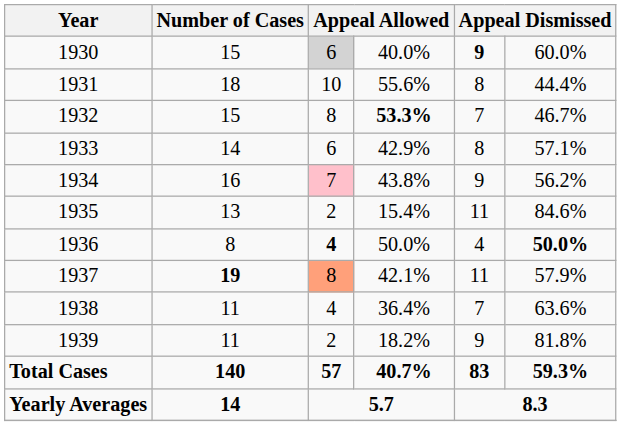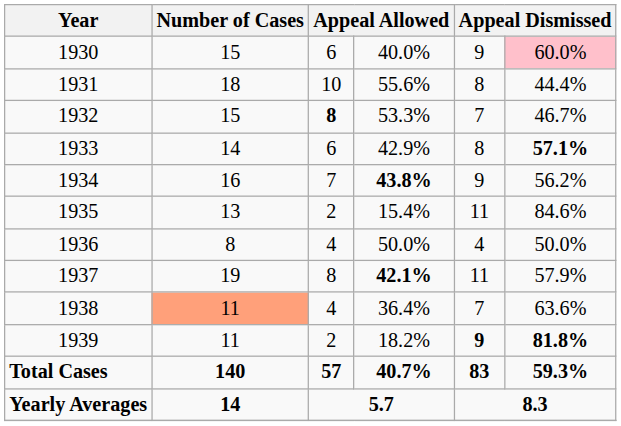 <table class="wikitable sortable">
 <tr>
 <th>Year</th>
 <th>Number of Cases</th>
 <th colspan=2>Appeal Allowed</th>
 <th colspan=2>Appeal Dismissed</th>
 </tr>
 <tr>
 <td style="text-align: center;">1930</td>
 <td style="text-align: center;">15</td>
-<td style="background: lightgrey; text-align: center;">6</td>
+<td style="text-align: center;">6</td>
 <td style="text-align: center;">40.0%</td>
-<td style="text-align: center;"><strong>9</strong></td>
-<td style="text-align: center;">60.0%</td>
+<td style="text-align: center;">9</td>
+<td style="background: pink; text-align: center;">60.0%</td>
 </tr>
 <tr>
 <td style="text-align: center;">1931</td>
 <td style="text-align: center;">18</td>
 <td style="text-align: center;">10</td>
 <td style="text-align: center;">55.6%</td>
 <td style="text-align: center;">8</td>
 <td style="text-align: center;">44.4%</td>
 </tr>
 <tr>
 <td style="text-align: center;">1932</td>
 <td style="text-align: center;">15</td>
-<td style="text-align: center;">8</td>
-<td style="text-align: center;"><strong>53.3%</strong></td>
+<td style="text-align: center;"><strong>8</strong></td>
+<td style="text-align: center;">53.3%</td>
 <td style="text-align: center;">7</td>
 <td style="text-align: center;">46.7%</td>
 </tr>
 <tr>
 <td style="text-align: center;">1933</td>
 <td style="text-align: center;">14</td>
 <td style="text-align: center;">6</td>
 <td style="text-align: center;">42.9%</td>
 <td style="text-align: center;">8</td>
-<td style="text-align: center;">57.1%</td>
+<td style="text-align: center;"><strong>57.1%</strong></td>
 </tr>
 <tr>
 <td style="text-align: center;">1934</td>
 <td style="text-align: center;">16</td>
-<td style="background: pink; text-align: center;">7</td>
-<td style="text-align: center;">43.8%</td>
+<td style="text-align: center;">7</td>
+<td style="text-align: center;"><strong>43.8%</strong></td>
 <td style="text-align: center;">9</td>
 <td style="text-align: center;">56.2%</td>
 </tr>
 <tr>
 <td style="text-align: center;">1935</td>
 <td style="text-align: center;">13</td>
 <td style="text-align: center;">2</td>
 <td style="text-align: center;">15.4%</td>
 <td style="text-align: center;">11</td>
 <td style="text-align: center;">84.6%</td>
 </tr>
 <tr>
 <td style="text-align: center;">1936</td>
 <td style="text-align: center;">8</td>
-<td style="text-align: center;"><strong>4</strong></td>
+<td style="text-align: center;">4</td>
 <td style="text-align: center;">50.0%</td>
 <td style="text-align: center;">4</td>
-<td style="text-align: center;"><strong>50.0%</strong></td>
+<td style="text-align: center;">50.0%</td>
 </tr>
 <tr>
 <td style="text-align: center;">1937</td>
-<td style="text-align: center;"><strong>19</strong></td>
-<td style="background: lightsalmon; text-align: center;">8</td>
-<td style="text-align: center;">42.1%</td>
+<td style="text-align: center;">19</td>
+<td style="text-align: center;">8</td>
+<td style="text-align: center;"><strong>42.1%</strong></td>
 <td style="text-align: center;">11</td>
 <td style="text-align: center;">57.9%</td>
 </tr>
 <tr>
 <td style="text-align: center;">1938</td>
-<td style="text-align: center;">11</td>
+<td style="background: lightsalmon; text-align: center;">11</td>
 <td style="text-align: center;">4</td>
 <td style="text-align: center;">36.4%</td>
 <td style="text-align: center;">7</td>
 <td style="text-align: center;">63.6%</td>
 </tr>
 <tr>
 <td style="text-align: center;">1939</td>
 <td style="text-align: center;">11</td>
 <td style="text-align: center;">2</td>
 <td style="text-align: center;">18.2%</td>
-<td style="text-align: center;">9</td>
-<td style="text-align: center;">81.8%</td>
+<td style="text-align: center;"><strong>9</strong></td>
+<td style="text-align: center;"><strong>81.8%</strong></td>
 </tr>
 <tr>
 <td><strong>Total Cases</strong></td>
 <td style="text-align: center;"><strong>140</strong></td>
 <td style="text-align: center;"><strong>57</strong></td>
 <td style="text-align: center;"><strong>40.7%</strong></td>
 <td style="text-align: center;"><strong>83</strong></td>
 <td style="text-align: center;"><strong>59.3%</strong></td>
 </tr>
 <tr>
 <td><strong>Yearly Averages</strong></td>
 <td style="text-align: center;"><strong>14</strong></td>
 <td colspan="2" style="text-align:center;"><strong>5.7</strong></td>
 <td colspan="2" style="text-align:center;"><strong>8.3</strong></td>
 </tr>
 <tr>
 </tr>
 </table>
